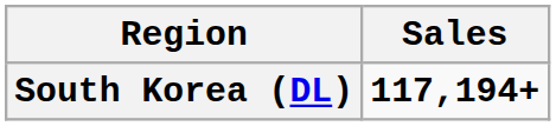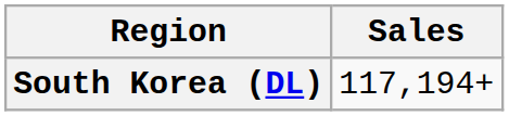 <table class="wikitable plainrowheaders" style="text-align:center;">
 <tr>
 <th>Region</th>
 <th>Sales</th>
 </tr>
 <tr>
 <th scope=row>South Korea (<a href='#'>DL</a>)</th>
-<td><strong>117,194+</strong></td>
+<td>117,194+</td>
 </tr>
 </table>
